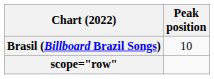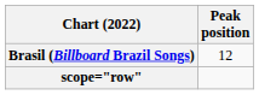 <table class="wikitable sortable plainrowheaders" style="text-align:center">
 <tr>
 <th scope="col">Chart (2022)</th>
 <th scope="col">Peak<br> position</th>
 </tr>
 <tr>
 <th scope="row">Brasil (<a href='#'><em>Billboard</em> Brazil Songs</a>)</th>
-<td>10</td>
+<td>12</td>
 </tr>
 <tr>
 <th>scope="row" </th>
 </tr>
 </table>
